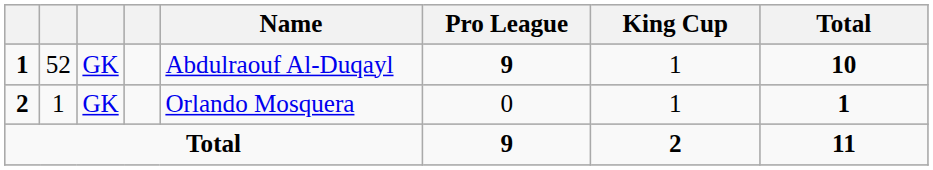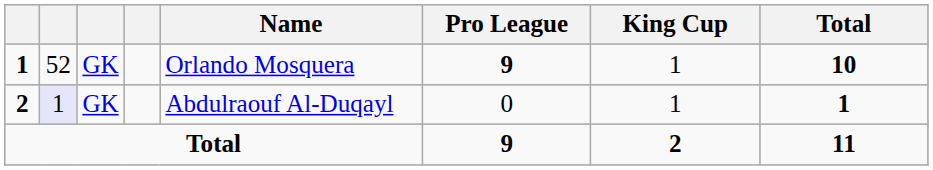 <table class="wikitable" style="text-align:center">
 <tr>
 <th width=15></th>
 <th width=15></th>
 <th width=15></th>
 <th width=15></th>
 <th width=160>Name</th>
 <th width=100>Pro League</th>
 <th width=100>King Cup</th>
 <th width=100>Total</th>
 </tr>
 <tr>
 <td><strong>1</strong></td>
 <td>52</td>
 <td><a href='#'>GK</a></td>
 <td></td>
-<td align=left><a href='#'>Abdulraouf Al-Duqayl</a></td>
+<td align=left><a href='#'>Orlando Mosquera</a></td>
 <td><strong>9</strong></td>
 <td>1</td>
 <td><strong>10</strong></td>
 </tr>
 <tr>
 <td><strong>2</strong></td>
-<td>1</td>
+<td style="background: lavender;">1</td>
 <td><a href='#'>GK</a></td>
 <td></td>
-<td align=left><a href='#'>Orlando Mosquera</a></td>
+<td align=left><a href='#'>Abdulraouf Al-Duqayl</a></td>
 <td>0</td>
 <td>1</td>
 <td><strong>1</strong></td>
 </tr>
 <tr>
 <td colspan=5><strong>Total</strong></td>
 <td><strong>9</strong></td>
 <td><strong>2</strong></td>
 <td><strong>11</strong></td>
 </tr>
 </table>
